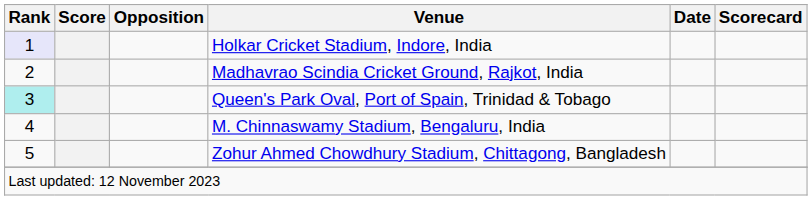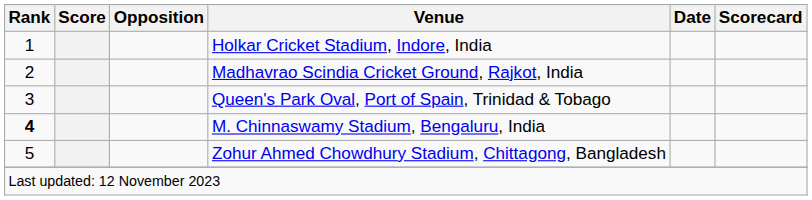 <table class="wikitable sortable">
 <tr>
 <th scope=col>Rank</th>
 <th scope=col>Score</th>
 <th scope=col>Opposition</th>
 <th scope=col>Venue</th>
 <th scope=col>Date</th>
 <th scope=col>Scorecard</th>
 </tr>
 <tr>
-<td align=center style="background: lavender;">1</td>
+<td align=center>1</td>
 <th scope=row style=text-align:center;></th>
 <td></td>
 <td><a href='#'>Holkar Cricket Stadium</a>, <a href='#'>Indore</a>, India</td>
 <td></td>
 <td></td>
 </tr>
 <tr>
 <td align=center>2</td>
 <th scope=row style=text-align:center;></th>
 <td></td>
 <td><a href='#'>Madhavrao Scindia Cricket Ground</a>, <a href='#'>Rajkot</a>, India</td>
 <td></td>
 <td></td>
 </tr>
 <tr>
-<td align=center style="background: paleturquoise;">3</td>
+<td align=center>3</td>
 <th scope=row style=text-align:center;></th>
 <td></td>
 <td><a href='#'>Queen's Park Oval</a>, <a href='#'>Port of Spain</a>, Trinidad & Tobago</td>
 <td> </td>
 <td></td>
 </tr>
 <tr>
-<td align=center>4</td>
+<td align=center><strong>4</strong></td>
 <th scope=row style=text-align:center;></th>
 <td></td>
 <td><a href='#'>M. Chinnaswamy Stadium</a>, <a href='#'>Bengaluru</a>, India</td>
 <td> </td>
 <td></td>
 </tr>
 <tr>
 <td align=center>5</td>
 <th scope=row style=text-align:center;></th>
 <td></td>
 <td><a href='#'>Zohur Ahmed Chowdhury Stadium</a>, <a href='#'>Chittagong</a>, Bangladesh</td>
 <td></td>
 <td></td>
 </tr>
 <tr>
 </tr>
 <tr class=sortbottom>
 <td colspan=6><small>Last updated: 12 November 2023</small></td>
 </tr>
 </table>
